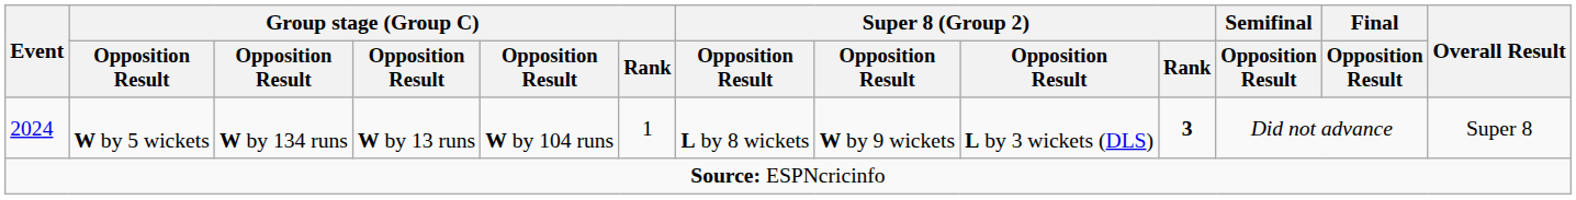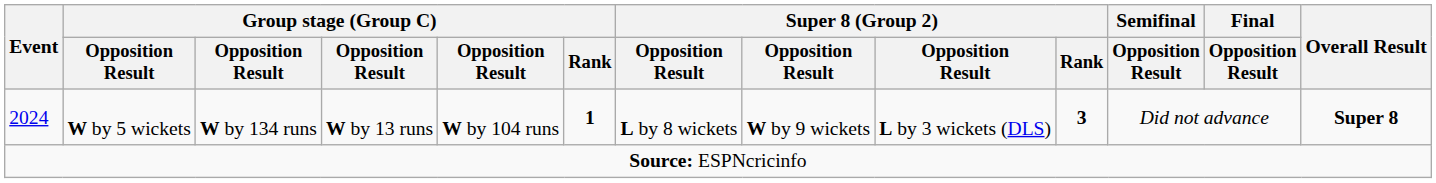 <table class=wikitable style=font-size:90%;text-align:center>
 <tr>
 <th rowspan=2>Event</th>
 <th colspan=5>Group stage (Group C)</th>
 <th colspan=4>Super 8 (Group 2)</th>
 <th>Semifinal</th>
 <th>Final</th>
 <th rowspan=2>Overall Result</th>
 </tr>
 <tr style=font-size:95%>
 <th>Opposition<br>Result</th>
 <th>Opposition<br>Result</th>
 <th>Opposition<br>Result</th>
 <th>Opposition<br>Result</th>
 <th>Rank</th>
 <th>Opposition<br>Result</th>
 <th>Opposition<br>Result</th>
 <th>Opposition<br>Result</th>
 <th>Rank</th>
 <th>Opposition<br>Result</th>
 <th>Opposition<br>Result</th>
 </tr>
 <tr>
 <td align=left><a href='#'>2024</a></td>
 <td><br><strong>W</strong> by 5 wickets</td>
 <td><br><strong>W</strong> by 134 runs</td>
 <td><br><strong>W</strong> by 13 runs</td>
 <td><br><strong>W</strong> by 104 runs</td>
-<td>1</td>
+<td><strong>1</strong></td>
 <td><br><strong>L</strong> by 8 wickets</td>
 <td><br><strong>W</strong> by 9 wickets</td>
 <td><br><strong>L</strong> by 3 wickets (<a href='#'>DLS</a>)</td>
 <td><strong>3</strong></td>
 <td colspan=2><em>Did not advance</em></td>
-<td>Super 8</td>
+<td><strong>Super 8</strong></td>
 </tr>
 <tr>
 <td colspan="13"><strong>Source:</strong> ESPNcricinfo</td>
 </tr>
 </table>
